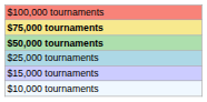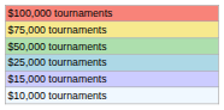 <table class="wikitable" style="font-size:85%;" width=14%>
 <tr bgcolor="#F88379">
 <td>$100,000 tournaments</td>
 </tr>
 <tr bgcolor="#F7E98E">
-<td><strong>$75,000 tournaments</strong></td>
+<td>$75,000 tournaments</td>
 </tr>
 <tr bgcolor="#ADDFAD">
-<td><strong>$50,000 tournaments</strong></td>
+<td>$50,000 tournaments</td>
 </tr>
 <tr bgcolor="lightblue">
 <td>$25,000 tournaments</td>
 </tr>
 <tr style="background:#ccccff;">
 <td>$15,000 tournaments</td>
 </tr>
 <tr bgcolor="#f0f8ff">
 <td>$10,000 tournaments</td>
 </tr>
 </table>
